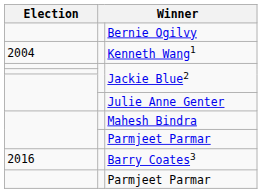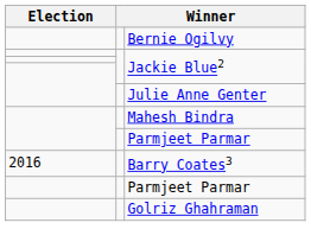 <table class=wikitable>
 <tr>
 <th width=100>Election</th>
 <th colspan=2 width=175>Winner</th>
 </tr>
 <tr>
 <td></td>
 <td bgcolor=></td>
 <td><a href='#'>Bernie Ogilvy</a></td>
-</tr>
-<tr>
-<td>2004</td>
-<td bgcolor=></td>
-<td><a href='#'>Kenneth Wang</a><sup>1</sup></td>
 </tr>
 <tr>
 <td></td>
 <td rowspan=2 style="border-bottom:solid 0 grey; background:"></td>
 <td rowspan=3><a href='#'>Jackie Blue</a><sup>2</sup></td>
 </tr>
 <tr>
 <td></td>
 </tr>
 <tr>
 <td rowspan=2></td>
 <td height=15 style="border-top:solid 0 grey; background:"></td>
 </tr>
 <tr>
 <td bgcolor=></td>
 <td><a href='#'>Julie Anne Genter</a></td>
 </tr>
 <tr>
 <td rowspan=2></td>
 <td bgcolor=></td>
 <td><a href='#'>Mahesh Bindra</a></td>
 </tr>
 <tr>
 <td bgcolor=></td>
 <td><a href='#'>Parmjeet Parmar</a></td>
 </tr>
 <tr>
 <td>2016</td>
 <td bgcolor=></td>
 <td><a href='#'>Barry Coates</a><sup>3</sup></td>
 </tr>
 <tr>
 <td></td>
 <td bgcolor=></td>
 <td>Parmjeet Parmar</td>
 </tr>
+<tr>
+<td></td>
+<td bgcolor=></td>
+<td><a href='#'>Golriz Ghahraman</a></td>
+</tr>
 </table>
